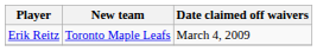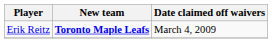 <table class="wikitable">
 <tr>
 <th>Player</th>
 <th>New team</th>
 <th>Date claimed off waivers</th>
 </tr>
 <tr>
 <td><a href='#'>Erik Reitz</a></td>
-<td><a href='#'>Toronto Maple Leafs</a></td>
+<td><strong><a href='#'>Toronto Maple Leafs</a></strong></td>
 <td>March 4, 2009</td>
 </tr>
 <tr>
 </tr>
 </table>
